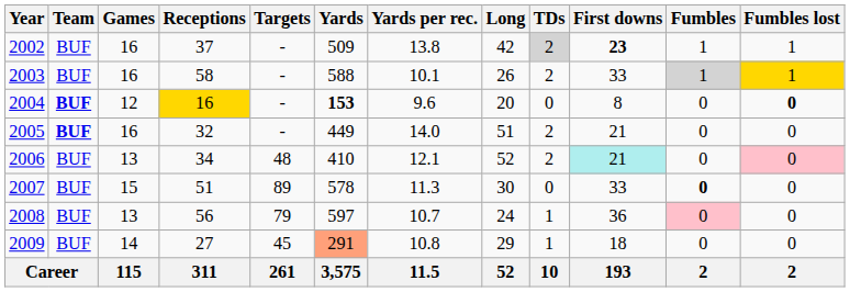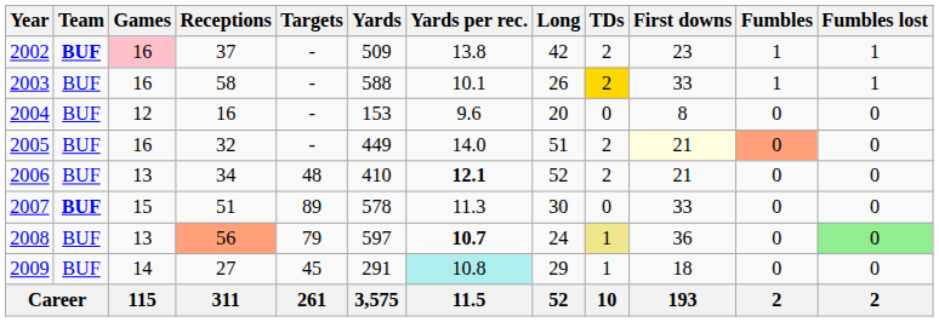 <table class="wikitable" style="text-align:center">
 <tr>
 <th>Year</th>
 <th>Team</th>
 <th>Games</th>
 <th>Receptions</th>
 <th>Targets</th>
 <th>Yards</th>
 <th>Yards per rec.</th>
 <th>Long</th>
 <th>TDs</th>
 <th>First downs</th>
 <th>Fumbles</th>
 <th>Fumbles lost</th>
 </tr>
 <tr>
 <td><a href='#'>2002</a></td>
-<td><a href='#'>BUF</a></td>
-<td>16</td>
+<td><strong><a href='#'>BUF</a></strong></td>
+<td style="background: pink;">16</td>
 <td>37</td>
 <td>-</td>
 <td>509</td>
 <td>13.8</td>
 <td>42</td>
-<td style="background: lightgrey;">2</td>
-<td><strong>23</strong></td>
+<td>2</td>
+<td>23</td>
 <td>1</td>
 <td>1</td>
 </tr>
 <tr>
 <td><a href='#'>2003</a></td>
 <td><a href='#'>BUF</a></td>
 <td>16</td>
 <td>58</td>
 <td>-</td>
 <td>588</td>
 <td>10.1</td>
 <td>26</td>
-<td>2</td>
+<td style="background: gold;">2</td>
 <td>33</td>
-<td style="background: lightgrey;">1</td>
-<td style="background: gold;">1</td>
+<td>1</td>
+<td>1</td>
 </tr>
 <tr>
 <td><a href='#'>2004</a></td>
-<td><strong><a href='#'>BUF</a></strong></td>
+<td><a href='#'>BUF</a></td>
 <td>12</td>
-<td style="background: gold;">16</td>
+<td>16</td>
 <td>-</td>
-<td><strong>153</strong></td>
+<td>153</td>
 <td>9.6</td>
 <td>20</td>
 <td>0</td>
 <td>8</td>
 <td>0</td>
-<td><strong>0</strong></td>
+<td>0</td>
 </tr>
 <tr>
 <td><a href='#'>2005</a></td>
-<td><strong><a href='#'>BUF</a></strong></td>
+<td><a href='#'>BUF</a></td>
 <td>16</td>
 <td>32</td>
 <td>-</td>
 <td>449</td>
 <td>14.0</td>
 <td>51</td>
 <td>2</td>
-<td>21</td>
-<td>0</td>
+<td style="background: lightyellow;">21</td>
+<td style="background: lightsalmon;">0</td>
 <td>0</td>
 </tr>
 <tr>
 <td><a href='#'>2006</a></td>
 <td><a href='#'>BUF</a></td>
 <td>13</td>
 <td>34</td>
 <td>48</td>
 <td>410</td>
-<td>12.1</td>
+<td><strong>12.1</strong></td>
 <td>52</td>
 <td>2</td>
-<td style="background: paleturquoise;">21</td>
+<td>21</td>
 <td>0</td>
-<td style="background: pink;">0</td>
+<td>0</td>
 </tr>
 <tr>
 <td><a href='#'>2007</a></td>
-<td><a href='#'>BUF</a></td>
+<td><strong><a href='#'>BUF</a></strong></td>
 <td>15</td>
 <td>51</td>
 <td>89</td>
 <td>578</td>
 <td>11.3</td>
 <td>30</td>
 <td>0</td>
 <td>33</td>
-<td><strong>0</strong></td>
+<td>0</td>
 <td>0</td>
 </tr>
 <tr>
 <td><a href='#'>2008</a></td>
 <td><a href='#'>BUF</a></td>
 <td>13</td>
-<td>56</td>
+<td style="background: lightsalmon;">56</td>
 <td>79</td>
 <td>597</td>
-<td>10.7</td>
+<td><strong>10.7</strong></td>
 <td>24</td>
-<td>1</td>
+<td style="background: khaki;">1</td>
 <td>36</td>
-<td style="background: pink;">0</td>
 <td>0</td>
+<td style="background: lightgreen;">0</td>
 </tr>
 <tr>
 <td><a href='#'>2009</a></td>
 <td><a href='#'>BUF</a></td>
 <td>14</td>
 <td>27</td>
 <td>45</td>
-<td style="background: lightsalmon;">291</td>
-<td>10.8</td>
+<td>291</td>
+<td style="background: paleturquoise;">10.8</td>
 <td>29</td>
 <td>1</td>
 <td>18</td>
 <td>0</td>
 <td>0</td>
 </tr>
 <tr>
 <th colspan="2">Career</th>
 <th>115</th>
 <th>311</th>
 <th>261</th>
 <th>3,575</th>
 <th>11.5</th>
 <th>52</th>
 <th>10</th>
 <th>193</th>
 <th>2</th>
 <th>2</th>
 </tr>
 </table>
